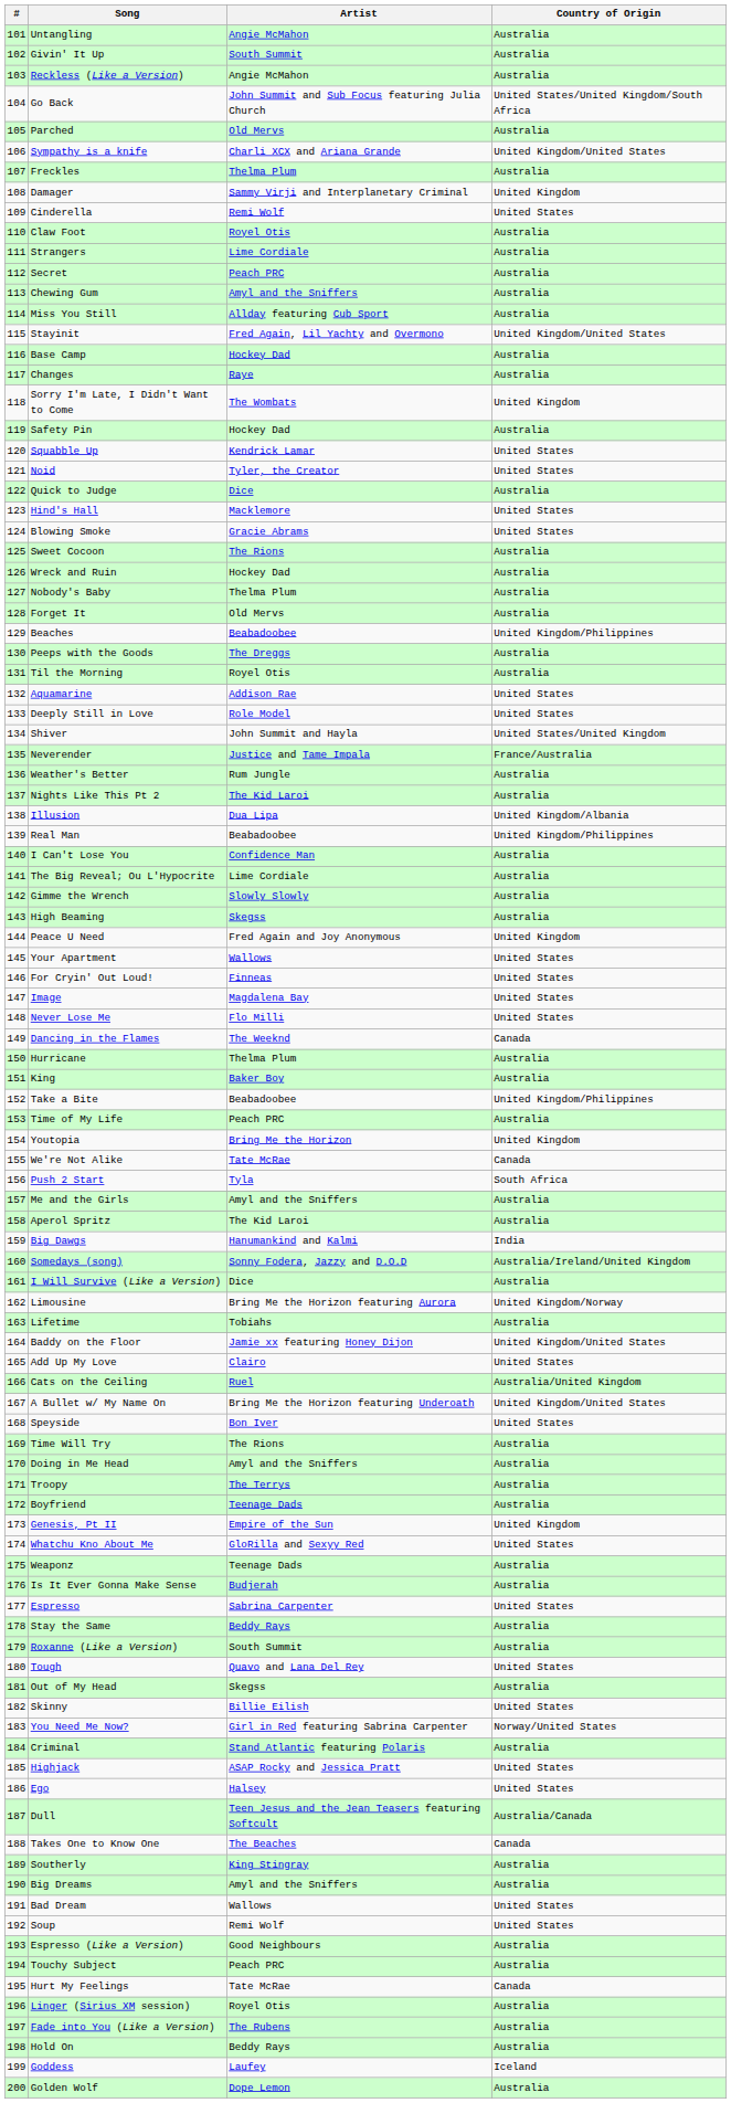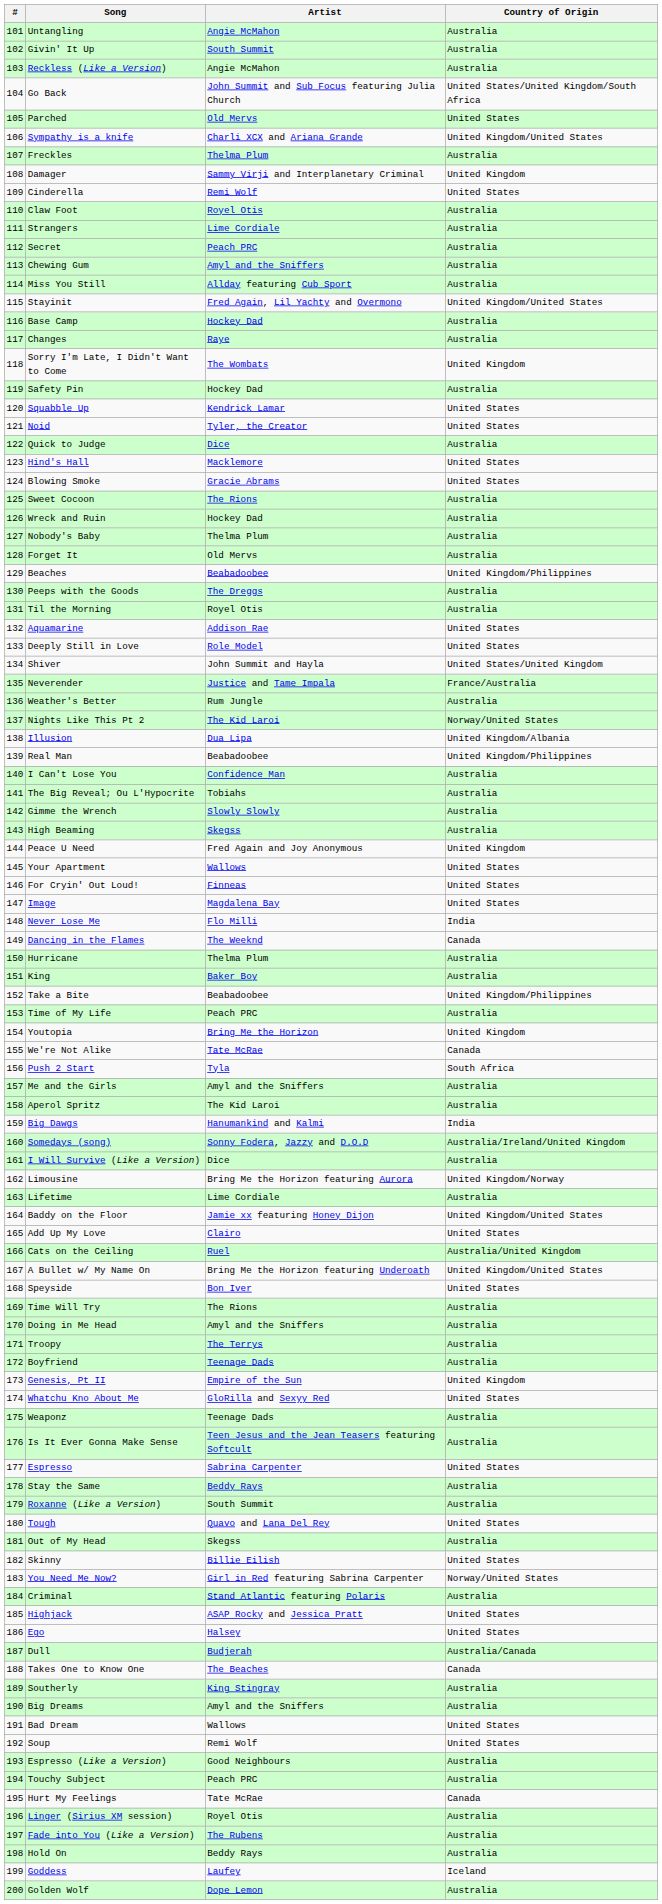 <table class="wikitable sortable mw-collapsible mw-collapsed" style="font-size:0.95em;line-height:1.5em;">
 <tr>
 <th>#</th>
 <th>Song</th>
 <th>Artist</th>
 <th>Country of Origin</th>
 </tr>
 <tr style="background-color: #ccffcc">
 <td>101</td>
 <td>Untangling</td>
 <td><a href='#'>Angie McMahon</a></td>
 <td>Australia</td>
 </tr>
 <tr style="background-color: #ccffcc">
 <td>102</td>
 <td>Givin' It Up</td>
 <td><a href='#'>South Summit</a></td>
 <td>Australia</td>
 </tr>
 <tr style="background-color: #ccffcc">
 <td>103</td>
 <td><a href='#'>Reckless</a> (<em><a href='#'>Like a Version</a></em>)</td>
 <td>Angie McMahon</td>
 <td>Australia</td>
 </tr>
 <tr>
 <td>104</td>
 <td>Go Back</td>
 <td><a href='#'>John Summit</a> and <a href='#'>Sub Focus</a> featuring Julia Church</td>
 <td>United States/United Kingdom/South Africa</td>
 </tr>
 <tr style="background-color: #ccffcc">
 <td>105</td>
 <td>Parched</td>
 <td><a href='#'>Old Mervs</a></td>
-<td>Australia</td>
+<td>United States</td>
 </tr>
 <tr>
 <td>106</td>
 <td><a href='#'>Sympathy is a knife</a></td>
 <td><a href='#'>Charli XCX</a> and <a href='#'>Ariana Grande</a></td>
 <td>United Kingdom/United States</td>
 </tr>
 <tr style="background-color: #ccffcc">
 <td>107</td>
 <td>Freckles</td>
 <td><a href='#'>Thelma Plum</a></td>
 <td>Australia</td>
 </tr>
 <tr>
 <td>108</td>
 <td>Damager</td>
 <td><a href='#'>Sammy Virji</a> and Interplanetary Criminal</td>
 <td>United Kingdom</td>
 </tr>
 <tr>
 <td>109</td>
 <td>Cinderella</td>
 <td><a href='#'>Remi Wolf</a></td>
 <td>United States</td>
 </tr>
 <tr style="background-color: #ccffcc">
 <td>110</td>
 <td>Claw Foot</td>
 <td><a href='#'>Royel Otis</a></td>
 <td>Australia</td>
 </tr>
 <tr style="background-color: #ccffcc">
 <td>111</td>
 <td>Strangers</td>
 <td><a href='#'>Lime Cordiale</a></td>
 <td>Australia</td>
 </tr>
 <tr style="background-color: #ccffcc">
 <td>112</td>
 <td>Secret</td>
 <td><a href='#'>Peach PRC</a></td>
 <td>Australia</td>
 </tr>
 <tr style="background-color: #ccffcc">
 <td>113</td>
 <td>Chewing Gum</td>
 <td><a href='#'>Amyl and the Sniffers</a></td>
 <td>Australia</td>
 </tr>
 <tr style="background-color: #ccffcc">
 <td>114</td>
 <td>Miss You Still</td>
 <td><a href='#'>Allday</a> featuring <a href='#'>Cub Sport</a></td>
 <td>Australia</td>
 </tr>
 <tr>
 <td>115</td>
 <td>Stayinit</td>
 <td><a href='#'>Fred Again</a>, <a href='#'>Lil Yachty</a> and <a href='#'>Overmono</a></td>
 <td>United Kingdom/United States</td>
 </tr>
 <tr style="background-color: #ccffcc">
 <td>116</td>
 <td>Base Camp</td>
 <td><a href='#'>Hockey Dad</a></td>
 <td>Australia</td>
 </tr>
 <tr style="background-color: #ccffcc">
 <td>117</td>
 <td>Changes</td>
 <td><a href='#'>Raye</a></td>
 <td>Australia</td>
 </tr>
 <tr>
 <td>118</td>
 <td>Sorry I'm Late, I Didn't Want to Come</td>
 <td><a href='#'>The Wombats</a></td>
 <td>United Kingdom</td>
 </tr>
 <tr style="background-color: #ccffcc">
 <td>119</td>
 <td>Safety Pin</td>
 <td>Hockey Dad</td>
 <td>Australia</td>
 </tr>
 <tr>
 <td>120</td>
 <td><a href='#'>Squabble Up</a></td>
 <td><a href='#'>Kendrick Lamar</a></td>
 <td>United States</td>
 </tr>
 <tr>
 <td>121</td>
 <td><a href='#'>Noid</a></td>
 <td><a href='#'>Tyler, the Creator</a></td>
 <td>United States</td>
 </tr>
 <tr style="background-color: #ccffcc">
 <td>122</td>
 <td>Quick to Judge</td>
 <td><a href='#'>Dice</a></td>
 <td>Australia</td>
 </tr>
 <tr>
 <td>123</td>
 <td><a href='#'>Hind's Hall</a></td>
 <td><a href='#'>Macklemore</a></td>
 <td>United States</td>
 </tr>
 <tr>
 <td>124</td>
 <td>Blowing Smoke</td>
 <td><a href='#'>Gracie Abrams</a></td>
 <td>United States</td>
 </tr>
 <tr style="background-color: #ccffcc">
 <td>125</td>
 <td>Sweet Cocoon</td>
 <td><a href='#'>The Rions</a></td>
 <td>Australia</td>
 </tr>
 <tr style="background-color: #ccffcc">
 <td>126</td>
 <td>Wreck and Ruin</td>
 <td>Hockey Dad</td>
 <td>Australia</td>
 </tr>
 <tr style="background-color: #ccffcc">
 <td>127</td>
 <td>Nobody's Baby</td>
 <td>Thelma Plum</td>
 <td>Australia</td>
 </tr>
 <tr style="background-color: #ccffcc">
 <td>128</td>
 <td>Forget It</td>
 <td>Old Mervs</td>
 <td>Australia</td>
 </tr>
 <tr>
 <td>129</td>
 <td>Beaches</td>
 <td><a href='#'>Beabadoobee</a></td>
 <td>United Kingdom/Philippines</td>
 </tr>
 <tr style="background-color: #ccffcc">
 <td>130</td>
 <td>Peeps with the Goods</td>
 <td><a href='#'>The Dreggs</a></td>
 <td>Australia</td>
 </tr>
 <tr style="background-color: #ccffcc">
 <td>131</td>
 <td>Til the Morning</td>
 <td>Royel Otis</td>
 <td>Australia</td>
 </tr>
 <tr>
 <td>132</td>
 <td><a href='#'>Aquamarine</a></td>
 <td><a href='#'>Addison Rae</a></td>
 <td>United States</td>
 </tr>
 <tr>
 <td>133</td>
 <td>Deeply Still in Love</td>
 <td><a href='#'>Role Model</a></td>
 <td>United States</td>
 </tr>
 <tr>
 <td>134</td>
 <td>Shiver</td>
 <td>John Summit and Hayla</td>
 <td>United States/United Kingdom</td>
 </tr>
 <tr style="background-color: #ccffcc">
 <td>135</td>
 <td>Neverender</td>
 <td><a href='#'>Justice</a> and <a href='#'>Tame Impala</a></td>
 <td>France/Australia</td>
 </tr>
 <tr style="background-color: #ccffcc">
 <td>136</td>
 <td>Weather's Better</td>
 <td>Rum Jungle</td>
 <td>Australia</td>
 </tr>
 <tr style="background-color: #ccffcc">
 <td>137</td>
 <td>Nights Like This Pt 2</td>
 <td><a href='#'>The Kid Laroi</a></td>
-<td>Australia</td>
+<td>Norway/United States</td>
 </tr>
 <tr>
 <td>138</td>
 <td><a href='#'>Illusion</a></td>
 <td><a href='#'>Dua Lipa</a></td>
 <td>United Kingdom/Albania</td>
 </tr>
 <tr>
 <td>139</td>
 <td>Real Man</td>
 <td>Beabadoobee</td>
 <td>United Kingdom/Philippines</td>
 </tr>
 <tr style="background-color: #ccffcc">
 <td>140</td>
 <td>I Can't Lose You</td>
 <td><a href='#'>Confidence Man</a></td>
 <td>Australia</td>
 </tr>
 <tr style="background-color: #ccffcc">
 <td>141</td>
 <td>The Big Reveal; Ou L'Hypocrite</td>
-<td>Lime Cordiale</td>
+<td>Tobiahs</td>
 <td>Australia</td>
 </tr>
 <tr style="background-color: #ccffcc">
 <td>142</td>
 <td>Gimme the Wrench</td>
 <td><a href='#'>Slowly Slowly</a></td>
 <td>Australia</td>
 </tr>
 <tr style="background-color: #ccffcc">
 <td>143</td>
 <td>High Beaming</td>
 <td><a href='#'>Skegss</a></td>
 <td>Australia</td>
 </tr>
 <tr>
 <td>144</td>
 <td>Peace U Need</td>
 <td>Fred Again and Joy Anonymous</td>
 <td>United Kingdom</td>
 </tr>
 <tr>
 <td>145</td>
 <td>Your Apartment</td>
 <td><a href='#'>Wallows</a></td>
 <td>United States</td>
 </tr>
 <tr>
 <td>146</td>
 <td>For Cryin' Out Loud!</td>
 <td><a href='#'>Finneas</a></td>
 <td>United States</td>
 </tr>
 <tr>
 <td>147</td>
 <td><a href='#'>Image</a></td>
 <td><a href='#'>Magdalena Bay</a></td>
 <td>United States</td>
 </tr>
 <tr>
 <td>148</td>
 <td><a href='#'>Never Lose Me</a></td>
 <td><a href='#'>Flo Milli</a></td>
-<td>United States</td>
+<td>India</td>
 </tr>
 <tr>
 <td>149</td>
 <td><a href='#'>Dancing in the Flames</a></td>
 <td><a href='#'>The Weeknd</a></td>
 <td>Canada</td>
 </tr>
 <tr style="background-color: #ccffcc">
 <td>150</td>
 <td>Hurricane</td>
 <td>Thelma Plum</td>
 <td>Australia</td>
 </tr>
 <tr style="background-color: #ccffcc">
 <td>151</td>
 <td>King</td>
 <td><a href='#'>Baker Boy</a></td>
 <td>Australia</td>
 </tr>
 <tr>
 <td>152</td>
 <td>Take a Bite</td>
 <td>Beabadoobee</td>
 <td>United Kingdom/Philippines</td>
 </tr>
 <tr style="background-color: #ccffcc">
 <td>153</td>
 <td>Time of My Life</td>
 <td>Peach PRC</td>
 <td>Australia</td>
 </tr>
 <tr>
 <td>154</td>
 <td>Youtopia</td>
 <td><a href='#'>Bring Me the Horizon</a></td>
 <td>United Kingdom</td>
 </tr>
 <tr>
 <td>155</td>
 <td>We're Not Alike</td>
 <td><a href='#'>Tate McRae</a></td>
 <td>Canada</td>
 </tr>
 <tr>
 <td>156</td>
 <td><a href='#'>Push 2 Start</a></td>
 <td><a href='#'>Tyla</a></td>
 <td>South Africa</td>
 </tr>
 <tr style="background-color: #ccffcc">
 <td>157</td>
 <td>Me and the Girls</td>
 <td>Amyl and the Sniffers</td>
 <td>Australia</td>
 </tr>
 <tr style="background-color: #ccffcc">
 <td>158</td>
 <td>Aperol Spritz</td>
 <td>The Kid Laroi</td>
 <td>Australia</td>
 </tr>
 <tr>
 <td>159</td>
 <td><a href='#'>Big Dawgs</a></td>
 <td><a href='#'>Hanumankind</a> and <a href='#'>Kalmi</a></td>
 <td>India</td>
 </tr>
 <tr style="background-color: #ccffcc">
 <td>160</td>
 <td><a href='#'>Somedays (song)</a></td>
 <td><a href='#'>Sonny Fodera</a>, <a href='#'>Jazzy</a> and <a href='#'>D.O.D</a></td>
 <td>Australia/Ireland/United Kingdom</td>
 </tr>
 <tr style="background-color: #ccffcc">
 <td>161</td>
 <td><a href='#'>I Will Survive</a> (<em>Like a Version</em>)</td>
 <td>Dice</td>
 <td>Australia</td>
 </tr>
 <tr>
 <td>162</td>
 <td>Limousine</td>
 <td>Bring Me the Horizon featuring <a href='#'>Aurora</a></td>
 <td>United Kingdom/Norway</td>
 </tr>
 <tr style="background-color: #ccffcc">
 <td>163</td>
 <td>Lifetime</td>
-<td>Tobiahs</td>
+<td>Lime Cordiale</td>
 <td>Australia</td>
 </tr>
 <tr>
 <td>164</td>
 <td>Baddy on the Floor</td>
 <td><a href='#'>Jamie xx</a> featuring <a href='#'>Honey Dijon</a></td>
 <td>United Kingdom/United States</td>
 </tr>
 <tr>
 <td>165</td>
 <td>Add Up My Love</td>
 <td><a href='#'>Clairo</a></td>
 <td>United States</td>
 </tr>
 <tr style="background-color: #ccffcc">
 <td>166</td>
 <td>Cats on the Ceiling</td>
 <td><a href='#'>Ruel</a></td>
 <td>Australia/United Kingdom</td>
 </tr>
 <tr>
 <td>167</td>
 <td>A Bullet w/ My Name On</td>
 <td>Bring Me the Horizon featuring <a href='#'>Underoath</a></td>
 <td>United Kingdom/United States</td>
 </tr>
 <tr>
 <td>168</td>
 <td>Speyside</td>
 <td><a href='#'>Bon Iver</a></td>
 <td>United States</td>
 </tr>
 <tr style="background-color: #ccffcc">
 <td>169</td>
 <td>Time Will Try</td>
 <td>The Rions</td>
 <td>Australia</td>
 </tr>
 <tr style="background-color: #ccffcc">
 <td>170</td>
 <td>Doing in Me Head</td>
 <td>Amyl and the Sniffers</td>
 <td>Australia</td>
 </tr>
 <tr style="background-color: #ccffcc">
 <td>171</td>
 <td>Troopy</td>
 <td><a href='#'>The Terrys</a></td>
 <td>Australia</td>
 </tr>
 <tr style="background-color: #ccffcc">
 <td>172</td>
 <td>Boyfriend</td>
 <td><a href='#'>Teenage Dads</a></td>
 <td>Australia</td>
 </tr>
 <tr>
 <td>173</td>
 <td><a href='#'>Genesis, Pt II</a></td>
 <td><a href='#'>Empire of the Sun</a></td>
 <td>United Kingdom</td>
 </tr>
 <tr>
 <td>174</td>
 <td><a href='#'>Whatchu Kno About Me</a></td>
 <td><a href='#'>GloRilla</a> and <a href='#'>Sexyy Red</a></td>
 <td>United States</td>
 </tr>
 <tr style="background-color: #ccffcc">
 <td>175</td>
 <td>Weaponz</td>
 <td>Teenage Dads</td>
 <td>Australia</td>
 </tr>
 <tr style="background-color: #ccffcc">
 <td>176</td>
 <td>Is It Ever Gonna Make Sense</td>
-<td><a href='#'>Budjerah</a></td>
+<td><a href='#'>Teen Jesus and the Jean Teasers</a> featuring <a href='#'>Softcult</a></td>
 <td>Australia</td>
 </tr>
 <tr>
 <td>177</td>
 <td><a href='#'>Espresso</a></td>
 <td><a href='#'>Sabrina Carpenter</a></td>
 <td>United States</td>
 </tr>
 <tr style="background-color: #ccffcc">
 <td>178</td>
 <td>Stay the Same</td>
 <td><a href='#'>Beddy Rays</a></td>
 <td>Australia</td>
 </tr>
 <tr style="background-color: #ccffcc">
 <td>179</td>
 <td><a href='#'>Roxanne</a> (<em>Like a Version</em>)</td>
 <td>South Summit</td>
 <td>Australia</td>
 </tr>
 <tr>
 <td>180</td>
 <td><a href='#'>Tough</a></td>
 <td><a href='#'>Quavo</a> and <a href='#'>Lana Del Rey</a></td>
 <td>United States</td>
 </tr>
 <tr style="background-color: #ccffcc">
 <td>181</td>
 <td>Out of My Head</td>
 <td>Skegss</td>
 <td>Australia</td>
 </tr>
 <tr>
 <td>182</td>
 <td>Skinny</td>
 <td><a href='#'>Billie Eilish</a></td>
 <td>United States</td>
 </tr>
 <tr>
 <td>183</td>
 <td><a href='#'>You Need Me Now?</a></td>
 <td><a href='#'>Girl in Red</a> featuring Sabrina Carpenter</td>
 <td>Norway/United States</td>
 </tr>
 <tr style="background-color: #ccffcc">
 <td>184</td>
 <td>Criminal</td>
 <td><a href='#'>Stand Atlantic</a> featuring <a href='#'>Polaris</a></td>
 <td>Australia</td>
 </tr>
 <tr>
 <td>185</td>
 <td><a href='#'>Highjack</a></td>
 <td><a href='#'>ASAP Rocky</a> and <a href='#'>Jessica Pratt</a></td>
 <td>United States</td>
 </tr>
 <tr>
 <td>186</td>
 <td><a href='#'>Ego</a></td>
 <td><a href='#'>Halsey</a></td>
 <td>United States</td>
 </tr>
 <tr style="background-color: #ccffcc">
 <td>187</td>
 <td>Dull</td>
-<td><a href='#'>Teen Jesus and the Jean Teasers</a> featuring <a href='#'>Softcult</a></td>
+<td><a href='#'>Budjerah</a></td>
 <td>Australia/Canada</td>
 </tr>
 <tr>
 <td>188</td>
 <td>Takes One to Know One</td>
 <td><a href='#'>The Beaches</a></td>
 <td>Canada</td>
 </tr>
 <tr style="background-color: #ccffcc">
 <td>189</td>
 <td>Southerly</td>
 <td><a href='#'>King Stingray</a></td>
 <td>Australia</td>
 </tr>
 <tr style="background-color: #ccffcc">
 <td>190</td>
 <td>Big Dreams</td>
 <td>Amyl and the Sniffers</td>
 <td>Australia</td>
 </tr>
 <tr>
 <td>191</td>
 <td>Bad Dream</td>
 <td>Wallows</td>
 <td>United States</td>
 </tr>
 <tr>
 <td>192</td>
 <td>Soup</td>
 <td>Remi Wolf</td>
 <td>United States</td>
 </tr>
 <tr style="background-color: #ccffcc">
 <td>193</td>
 <td>Espresso (<em>Like a Version</em>)</td>
 <td>Good Neighbours</td>
 <td>Australia</td>
 </tr>
 <tr style="background-color: #ccffcc">
 <td>194</td>
 <td>Touchy Subject</td>
 <td>Peach PRC</td>
 <td>Australia</td>
 </tr>
 <tr>
 <td>195</td>
 <td>Hurt My Feelings</td>
 <td>Tate McRae</td>
 <td>Canada</td>
 </tr>
 <tr style="background-color: #ccffcc">
 <td>196</td>
 <td><a href='#'>Linger</a> (<a href='#'>Sirius XM</a> session)</td>
 <td>Royel Otis</td>
 <td>Australia</td>
 </tr>
 <tr style="background-color: #ccffcc">
 <td>197</td>
 <td><a href='#'>Fade into You</a> (<em>Like a Version</em>)</td>
 <td><a href='#'>The Rubens</a></td>
 <td>Australia</td>
 </tr>
 <tr style="background-color: #ccffcc">
 <td>198</td>
 <td>Hold On</td>
 <td>Beddy Rays</td>
 <td>Australia</td>
 </tr>
 <tr>
 <td>199</td>
 <td><a href='#'>Goddess</a></td>
 <td><a href='#'>Laufey</a></td>
 <td>Iceland</td>
 </tr>
 <tr style="background-color: #ccffcc">
 <td>200</td>
 <td>Golden Wolf</td>
 <td><a href='#'>Dope Lemon</a></td>
 <td>Australia</td>
 </tr>
 </table>
